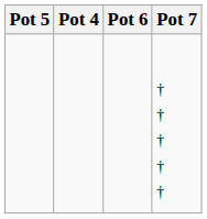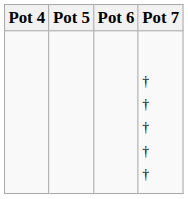 <table class=wikitable>
 <tr>
+<th width=25%>Pot 4</th>
 <th width=25%>Pot 5</th>
-<th width=25%>Pot 4</th>
 <th width=25%>Pot 6</th>
 <th width=25%>Pot 7</th>
 </tr>
 <tr valign=top>
 <td><br><br> <br> <br> <br> <br> <br></td>
 <td><br><br> <br> <br> <br> <br> <br></td>
 <td><br><br> <br> <br> <br> <br> <br></td>
 <td><br><br> <sup>†</sup><br> <sup>†</sup><br> <sup>†</sup><br> <sup>†</sup><br> <sup>†</sup><br></td>
 </tr>
 </table>
